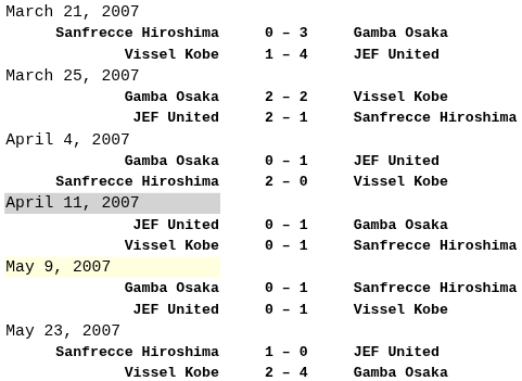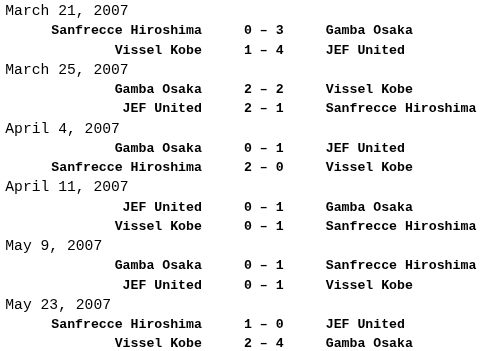 <table style="width:100%;" cellspacing="1">
 <tr>
 <th width=20%></th>
 <th width=12%></th>
 <th></th>
 </tr>
 <tr>
 <td>March 21, 2007</td>
 </tr>
 <tr style=font-size:90%>
 <td align=right><strong>Sanfrecce Hiroshima</strong></td>
 <td align=center><strong>0 – 3</strong></td>
 <td><strong>Gamba Osaka</strong></td>
 </tr>
 <tr style=font-size:90%>
 <td align=right><strong>Vissel Kobe</strong></td>
 <td align=center><strong>1 – 4</strong></td>
 <td><strong>JEF United</strong></td>
 </tr>
 <tr>
 <td>March 25, 2007</td>
 </tr>
 <tr style=font-size:90%>
 <td align=right><strong>Gamba Osaka</strong></td>
 <td align=center><strong>2 – 2</strong></td>
 <td><strong>Vissel Kobe</strong></td>
 </tr>
 <tr style=font-size:90%>
 <td align=right><strong>JEF United</strong></td>
 <td align=center><strong>2 – 1</strong></td>
 <td><strong>Sanfrecce Hiroshima</strong></td>
 </tr>
 <tr>
 <td>April 4, 2007</td>
 </tr>
 <tr style=font-size:90%>
 <td align=right><strong>Gamba Osaka</strong></td>
 <td align=center><strong>0 – 1</strong></td>
 <td><strong>JEF United</strong></td>
 </tr>
 <tr style=font-size:90%>
 <td align=right><strong>Sanfrecce Hiroshima</strong></td>
 <td align=center><strong>2 – 0</strong></td>
 <td><strong>Vissel Kobe</strong></td>
 </tr>
 <tr>
-<td style="background: lightgrey;">April 11, 2007</td>
+<td>April 11, 2007</td>
 </tr>
 <tr style=font-size:90%>
 <td align=right><strong>JEF United</strong></td>
 <td align=center><strong>0 – 1</strong></td>
 <td><strong>Gamba Osaka</strong></td>
 </tr>
 <tr style=font-size:90%>
 <td align=right><strong>Vissel Kobe</strong></td>
 <td align=center><strong>0 – 1</strong></td>
 <td><strong>Sanfrecce Hiroshima</strong></td>
 </tr>
 <tr>
-<td style="background: lightyellow;">May 9, 2007</td>
+<td>May 9, 2007</td>
 </tr>
 <tr style=font-size:90%>
 <td align=right><strong>Gamba Osaka</strong></td>
 <td align=center><strong>0 – 1</strong></td>
 <td><strong>Sanfrecce Hiroshima</strong></td>
 </tr>
 <tr style=font-size:90%>
 <td align=right><strong>JEF United</strong></td>
 <td align=center><strong>0 – 1</strong></td>
 <td><strong>Vissel Kobe</strong></td>
 </tr>
 <tr>
 <td>May 23, 2007</td>
 </tr>
 <tr style=font-size:90%>
 <td align=right><strong>Sanfrecce Hiroshima</strong></td>
 <td align=center><strong>1 – 0</strong></td>
 <td><strong>JEF United</strong></td>
 </tr>
 <tr style=font-size:90%>
 <td align=right><strong>Vissel Kobe</strong></td>
 <td align=center><strong>2 – 4</strong></td>
 <td><strong>Gamba Osaka</strong></td>
 </tr>
 </table>
